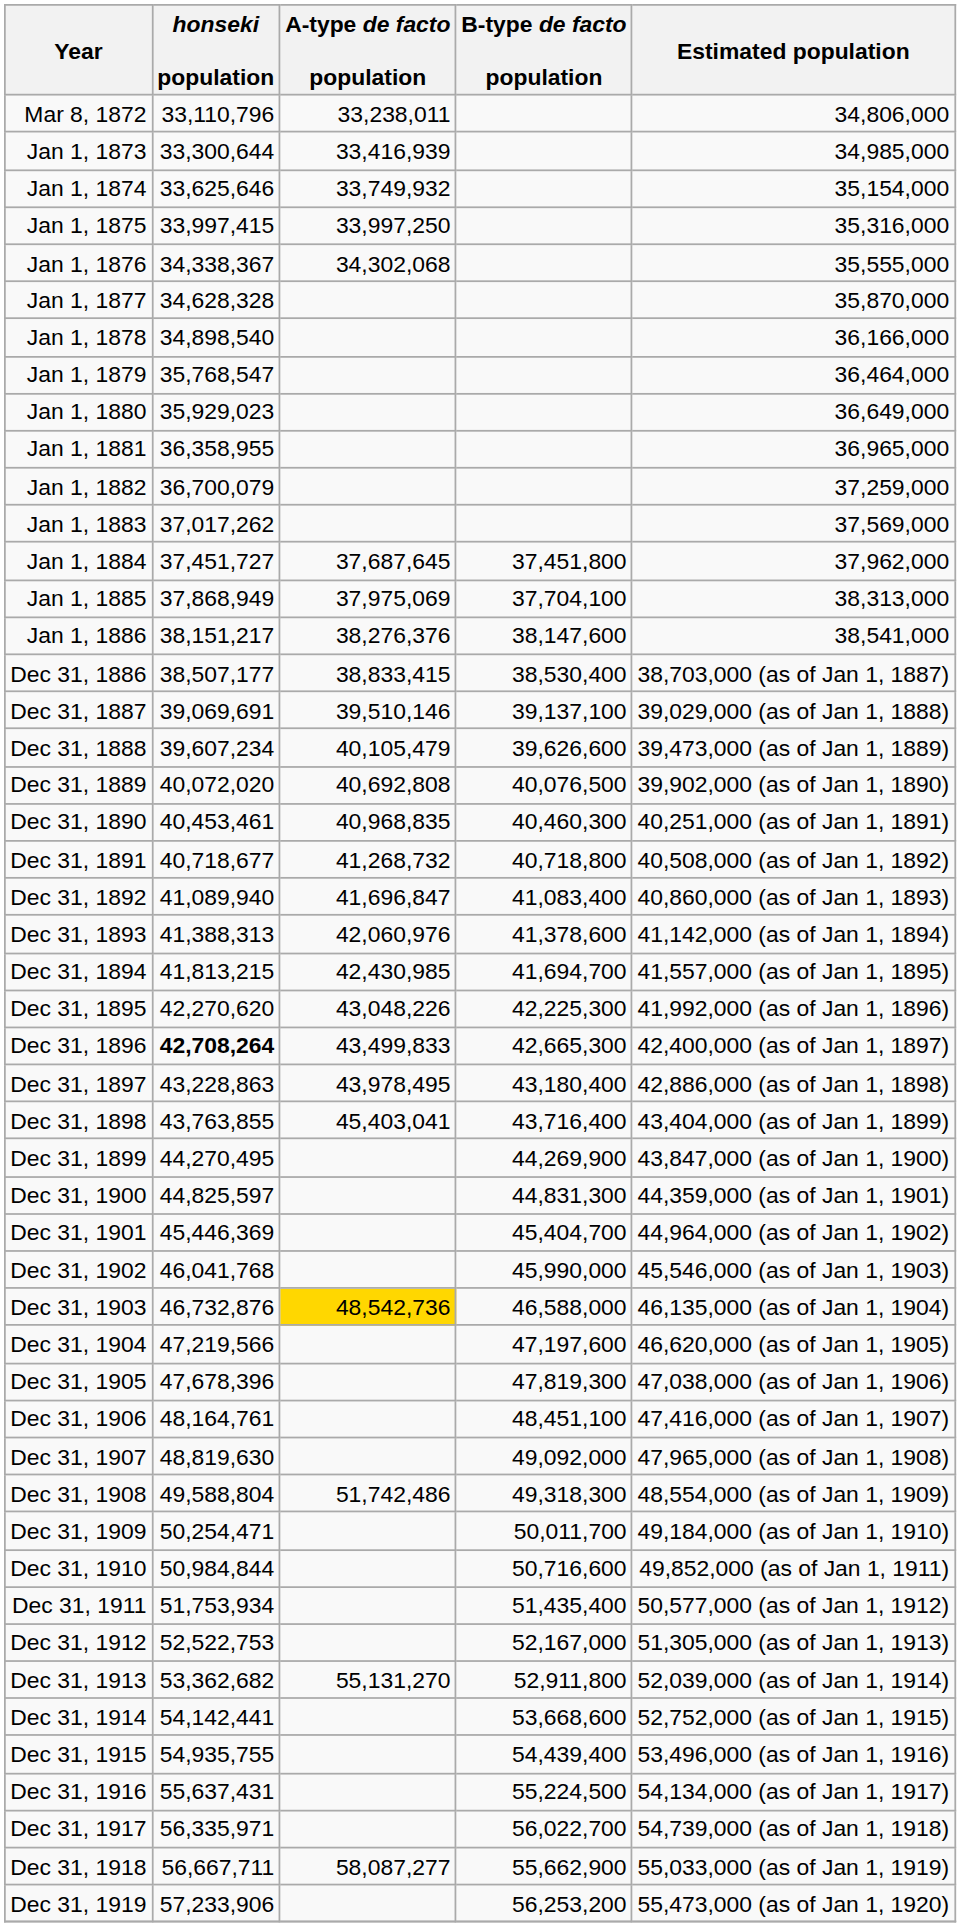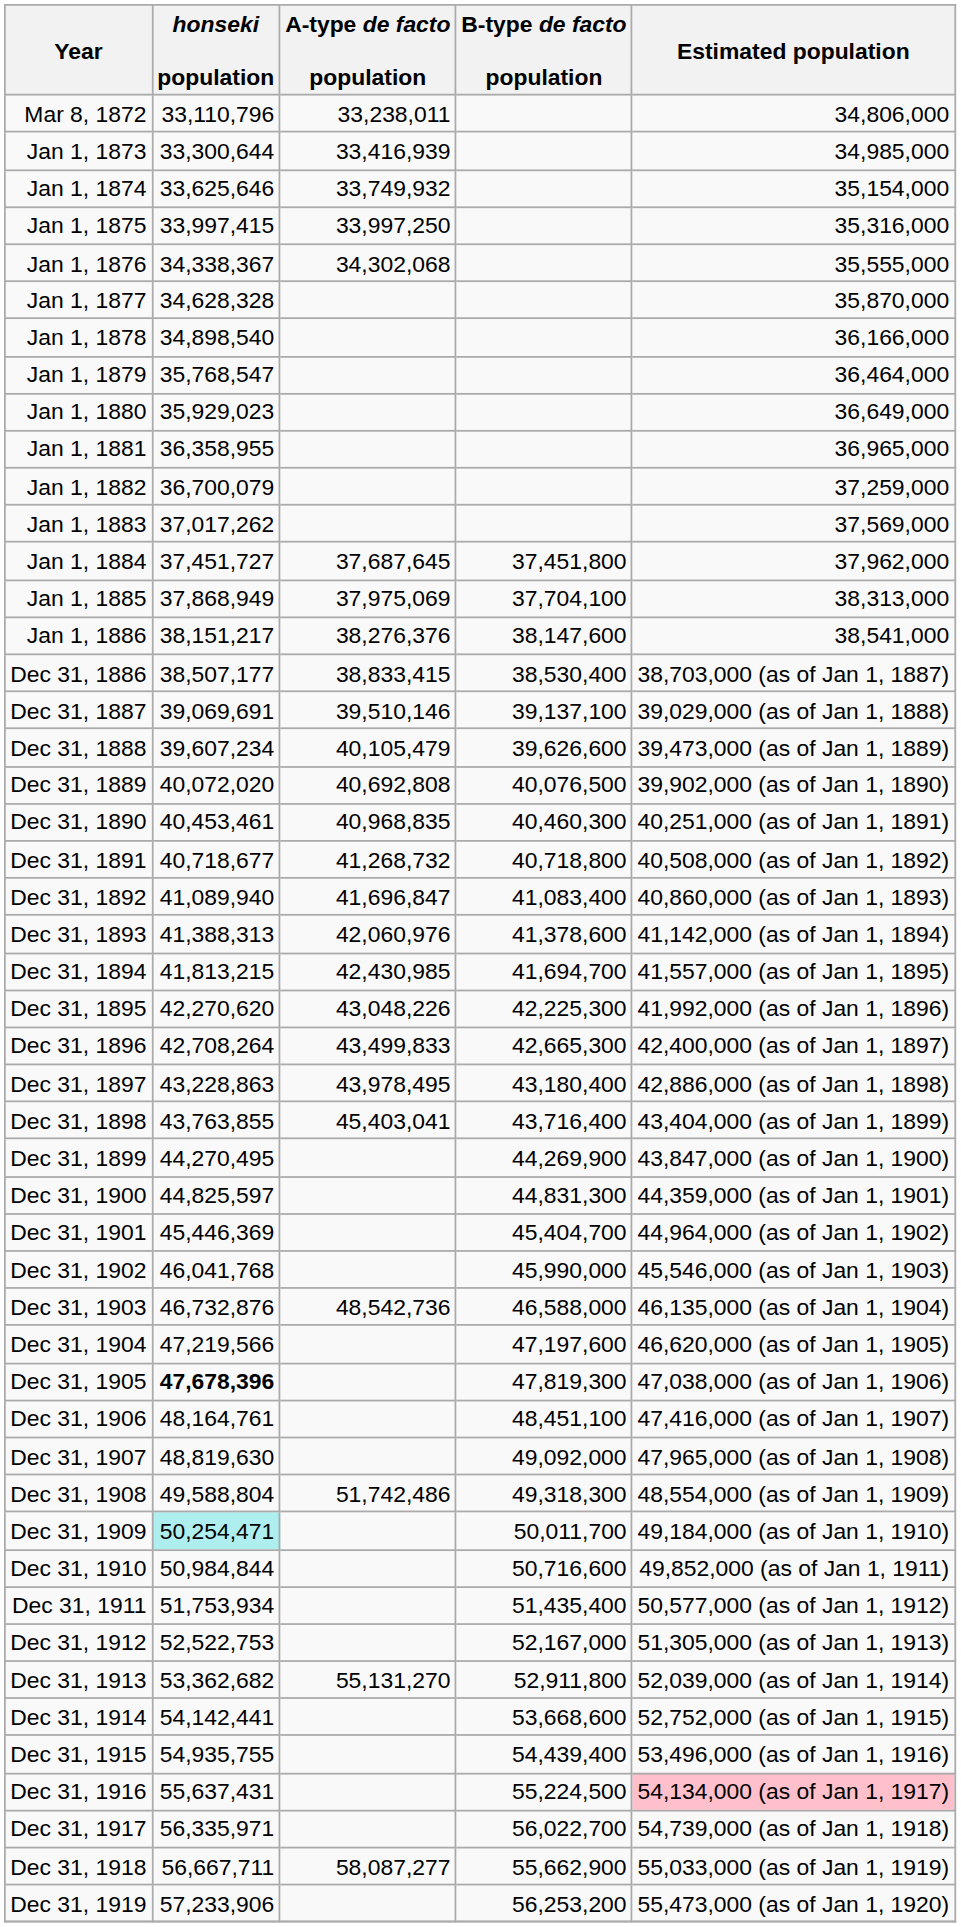 <table class="wikitable" style="text-align:right;font-size:small">
 <tr>
 <th>Year</th>
 <th><em>honseki</em><br><br>population</th>
 <th>A-type <em>de facto</em><br><br>population</th>
 <th>B-type <em>de facto</em><br><br>population</th>
 <th>Estimated population</th>
 </tr>
 <tr>
 <td>Mar 8, 1872</td>
 <td>33,110,796</td>
 <td>33,238,011</td>
 <td></td>
 <td>34,806,000</td>
 </tr>
 <tr>
 <td>Jan 1, 1873</td>
 <td>33,300,644</td>
 <td>33,416,939</td>
 <td></td>
 <td>34,985,000</td>
 </tr>
 <tr>
 <td>Jan 1, 1874</td>
 <td>33,625,646</td>
 <td>33,749,932</td>
 <td></td>
 <td>35,154,000</td>
 </tr>
 <tr>
 <td>Jan 1, 1875</td>
 <td>33,997,415</td>
 <td>33,997,250</td>
 <td></td>
 <td>35,316,000</td>
 </tr>
 <tr>
 <td>Jan 1, 1876</td>
 <td>34,338,367</td>
 <td>34,302,068</td>
 <td></td>
 <td>35,555,000</td>
 </tr>
 <tr>
 <td>Jan 1, 1877</td>
 <td>34,628,328</td>
 <td></td>
 <td></td>
 <td>35,870,000</td>
 </tr>
 <tr>
 <td>Jan 1, 1878</td>
 <td>34,898,540</td>
 <td></td>
 <td></td>
 <td>36,166,000</td>
 </tr>
 <tr>
 <td>Jan 1, 1879</td>
 <td>35,768,547</td>
 <td></td>
 <td></td>
 <td>36,464,000</td>
 </tr>
 <tr>
 <td>Jan 1, 1880</td>
 <td>35,929,023</td>
 <td></td>
 <td></td>
 <td>36,649,000</td>
 </tr>
 <tr>
 <td>Jan 1, 1881</td>
 <td>36,358,955</td>
 <td></td>
 <td></td>
 <td>36,965,000</td>
 </tr>
 <tr>
 <td>Jan 1, 1882</td>
 <td>36,700,079</td>
 <td></td>
 <td></td>
 <td>37,259,000</td>
 </tr>
 <tr>
 <td>Jan 1, 1883</td>
 <td>37,017,262</td>
 <td></td>
 <td></td>
 <td>37,569,000</td>
 </tr>
 <tr>
 <td>Jan 1, 1884</td>
 <td>37,451,727</td>
 <td>37,687,645</td>
 <td>37,451,800</td>
 <td>37,962,000</td>
 </tr>
 <tr>
 <td>Jan 1, 1885</td>
 <td>37,868,949</td>
 <td>37,975,069</td>
 <td>37,704,100</td>
 <td>38,313,000</td>
 </tr>
 <tr>
 <td>Jan 1, 1886</td>
 <td>38,151,217</td>
 <td>38,276,376</td>
 <td>38,147,600</td>
 <td>38,541,000</td>
 </tr>
 <tr>
 <td>Dec 31, 1886</td>
 <td>38,507,177</td>
 <td>38,833,415</td>
 <td>38,530,400</td>
 <td>38,703,000 (as of Jan 1, 1887)</td>
 </tr>
 <tr>
 <td>Dec 31, 1887</td>
 <td>39,069,691</td>
 <td>39,510,146</td>
 <td>39,137,100</td>
 <td>39,029,000 (as of Jan 1, 1888)</td>
 </tr>
 <tr>
 <td>Dec 31, 1888</td>
 <td>39,607,234</td>
 <td>40,105,479</td>
 <td>39,626,600</td>
 <td>39,473,000 (as of Jan 1, 1889)</td>
 </tr>
 <tr>
 <td>Dec 31, 1889</td>
 <td>40,072,020</td>
 <td>40,692,808</td>
 <td>40,076,500</td>
 <td>39,902,000 (as of Jan 1, 1890)</td>
 </tr>
 <tr>
 <td>Dec 31, 1890</td>
 <td>40,453,461</td>
 <td>40,968,835</td>
 <td>40,460,300</td>
 <td>40,251,000 (as of Jan 1, 1891)</td>
 </tr>
 <tr>
 <td>Dec 31, 1891</td>
 <td>40,718,677</td>
 <td>41,268,732</td>
 <td>40,718,800</td>
 <td>40,508,000 (as of Jan 1, 1892)</td>
 </tr>
 <tr>
 <td>Dec 31, 1892</td>
 <td>41,089,940</td>
 <td>41,696,847</td>
 <td>41,083,400</td>
 <td>40,860,000 (as of Jan 1, 1893)</td>
 </tr>
 <tr>
 <td>Dec 31, 1893</td>
 <td>41,388,313</td>
 <td>42,060,976</td>
 <td>41,378,600</td>
 <td>41,142,000 (as of Jan 1, 1894)</td>
 </tr>
 <tr>
 <td>Dec 31, 1894</td>
 <td>41,813,215</td>
 <td>42,430,985</td>
 <td>41,694,700</td>
 <td>41,557,000 (as of Jan 1, 1895)</td>
 </tr>
 <tr>
 <td>Dec 31, 1895</td>
 <td>42,270,620</td>
 <td>43,048,226</td>
 <td>42,225,300</td>
 <td>41,992,000 (as of Jan 1, 1896)</td>
 </tr>
 <tr>
 <td>Dec 31, 1896</td>
-<td><strong>42,708,264</strong></td>
+<td>42,708,264</td>
 <td>43,499,833</td>
 <td>42,665,300</td>
 <td>42,400,000 (as of Jan 1, 1897)</td>
 </tr>
 <tr>
 <td>Dec 31, 1897</td>
 <td>43,228,863</td>
 <td>43,978,495</td>
 <td>43,180,400</td>
 <td>42,886,000 (as of Jan 1, 1898)</td>
 </tr>
 <tr>
 <td>Dec 31, 1898</td>
 <td>43,763,855</td>
 <td>45,403,041</td>
 <td>43,716,400</td>
 <td>43,404,000 (as of Jan 1, 1899)</td>
 </tr>
 <tr>
 <td>Dec 31, 1899</td>
 <td>44,270,495</td>
 <td></td>
 <td>44,269,900</td>
 <td>43,847,000 (as of Jan 1, 1900)</td>
 </tr>
 <tr>
 <td>Dec 31, 1900</td>
 <td>44,825,597</td>
 <td></td>
 <td>44,831,300</td>
 <td>44,359,000 (as of Jan 1, 1901)</td>
 </tr>
 <tr>
 <td>Dec 31, 1901</td>
 <td>45,446,369</td>
 <td></td>
 <td>45,404,700</td>
 <td>44,964,000 (as of Jan 1, 1902)</td>
 </tr>
 <tr>
 <td>Dec 31, 1902</td>
 <td>46,041,768</td>
 <td></td>
 <td>45,990,000</td>
 <td>45,546,000 (as of Jan 1, 1903)</td>
 </tr>
 <tr>
 <td>Dec 31, 1903</td>
 <td>46,732,876</td>
-<td style="background: gold;">48,542,736</td>
+<td>48,542,736</td>
 <td>46,588,000</td>
 <td>46,135,000 (as of Jan 1, 1904)</td>
 </tr>
 <tr>
 <td>Dec 31, 1904</td>
 <td>47,219,566</td>
 <td></td>
 <td>47,197,600</td>
 <td>46,620,000 (as of Jan 1, 1905)</td>
 </tr>
 <tr>
 <td>Dec 31, 1905</td>
-<td>47,678,396</td>
+<td><strong>47,678,396</strong></td>
 <td></td>
 <td>47,819,300</td>
 <td>47,038,000 (as of Jan 1, 1906)</td>
 </tr>
 <tr>
 <td>Dec 31, 1906</td>
 <td>48,164,761</td>
 <td></td>
 <td>48,451,100</td>
 <td>47,416,000 (as of Jan 1, 1907)</td>
 </tr>
 <tr>
 <td>Dec 31, 1907</td>
 <td>48,819,630</td>
 <td></td>
 <td>49,092,000</td>
 <td>47,965,000 (as of Jan 1, 1908)</td>
 </tr>
 <tr>
 <td>Dec 31, 1908</td>
 <td>49,588,804</td>
 <td>51,742,486</td>
 <td>49,318,300</td>
 <td>48,554,000 (as of Jan 1, 1909)</td>
 </tr>
 <tr>
 <td>Dec 31, 1909</td>
-<td>50,254,471</td>
+<td style="background: paleturquoise;">50,254,471</td>
 <td></td>
 <td>50,011,700</td>
 <td>49,184,000 (as of Jan 1, 1910)</td>
 </tr>
 <tr>
 <td>Dec 31, 1910</td>
 <td>50,984,844</td>
 <td></td>
 <td>50,716,600</td>
 <td>49,852,000 (as of Jan 1, 1911)</td>
 </tr>
 <tr>
 <td>Dec 31, 1911</td>
 <td>51,753,934</td>
 <td></td>
 <td>51,435,400</td>
 <td>50,577,000 (as of Jan 1, 1912)</td>
 </tr>
 <tr>
 <td>Dec 31, 1912</td>
 <td>52,522,753</td>
 <td></td>
 <td>52,167,000</td>
 <td>51,305,000 (as of Jan 1, 1913)</td>
 </tr>
 <tr>
 <td>Dec 31, 1913</td>
 <td>53,362,682</td>
 <td>55,131,270</td>
 <td>52,911,800</td>
 <td>52,039,000 (as of Jan 1, 1914)</td>
 </tr>
 <tr>
 <td>Dec 31, 1914</td>
 <td>54,142,441</td>
 <td></td>
 <td>53,668,600</td>
 <td>52,752,000 (as of Jan 1, 1915)</td>
 </tr>
 <tr>
 <td>Dec 31, 1915</td>
 <td>54,935,755</td>
 <td></td>
 <td>54,439,400</td>
 <td>53,496,000 (as of Jan 1, 1916)</td>
 </tr>
 <tr>
 <td>Dec 31, 1916</td>
 <td>55,637,431</td>
 <td></td>
 <td>55,224,500</td>
-<td>54,134,000 (as of Jan 1, 1917)</td>
+<td style="background: pink;">54,134,000 (as of Jan 1, 1917)</td>
 </tr>
 <tr>
 <td>Dec 31, 1917</td>
 <td>56,335,971</td>
 <td></td>
 <td>56,022,700</td>
 <td>54,739,000 (as of Jan 1, 1918)</td>
 </tr>
 <tr>
 <td>Dec 31, 1918</td>
 <td>56,667,711</td>
 <td>58,087,277</td>
 <td>55,662,900</td>
 <td>55,033,000 (as of Jan 1, 1919)</td>
 </tr>
 <tr>
 <td>Dec 31, 1919</td>
 <td>57,233,906</td>
 <td></td>
 <td>56,253,200</td>
 <td>55,473,000 (as of Jan 1, 1920)</td>
 </tr>
 <tr>
 </tr>
 </table>
